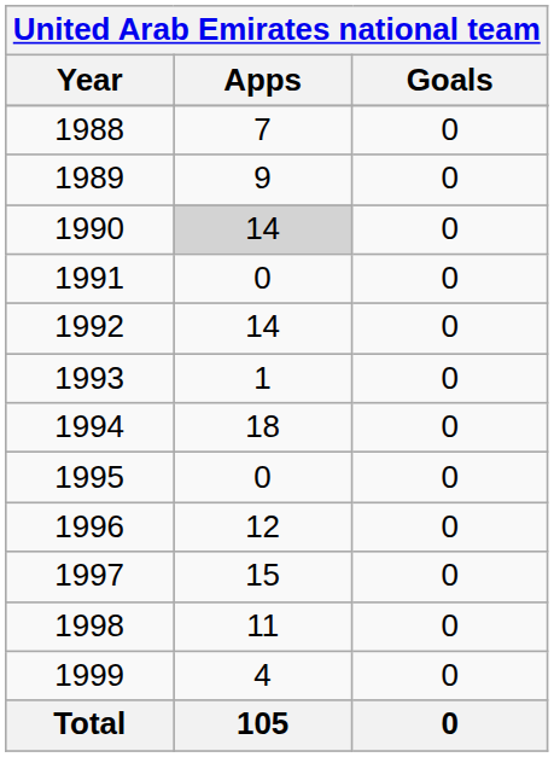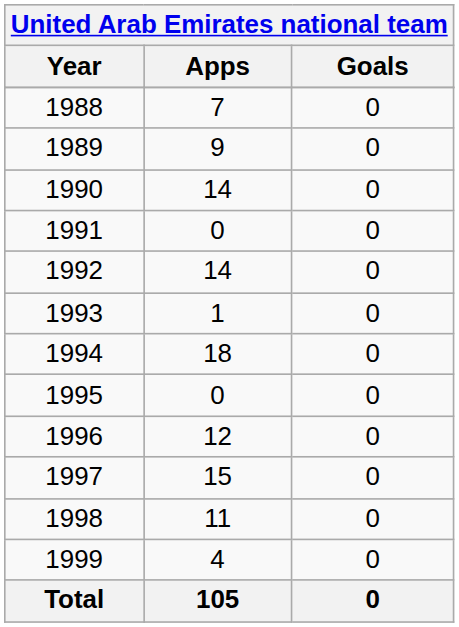 <table class="wikitable" style="text-align:center">
 <tr>
 <th colspan=3><a href='#'>United Arab Emirates national team</a></th>
 </tr>
 <tr>
 <th>Year</th>
 <th>Apps</th>
 <th>Goals</th>
 </tr>
 <tr>
 </tr>
 <tr>
 <td>1988</td>
 <td>7</td>
 <td>0</td>
 </tr>
 <tr>
 <td>1989</td>
 <td>9</td>
 <td>0</td>
 </tr>
 <tr>
 <td>1990</td>
-<td style="background: lightgrey;">14</td>
+<td>14</td>
 <td>0</td>
 </tr>
 <tr>
 <td>1991</td>
 <td>0</td>
 <td>0</td>
 </tr>
 <tr>
 <td>1992</td>
 <td>14</td>
 <td>0</td>
 </tr>
 <tr>
 <td>1993</td>
 <td>1</td>
 <td>0</td>
 </tr>
 <tr>
 <td>1994</td>
 <td>18</td>
 <td>0</td>
 </tr>
 <tr>
 <td>1995</td>
 <td>0</td>
 <td>0</td>
 </tr>
 <tr>
 <td>1996</td>
 <td>12</td>
 <td>0</td>
 </tr>
 <tr>
 <td>1997</td>
 <td>15</td>
 <td>0</td>
 </tr>
 <tr>
 <td>1998</td>
 <td>11</td>
 <td>0</td>
 </tr>
 <tr>
 <td>1999</td>
 <td>4</td>
 <td>0</td>
 </tr>
 <tr>
 <th>Total</th>
 <th>105</th>
 <th>0</th>
 </tr>
 </table>
